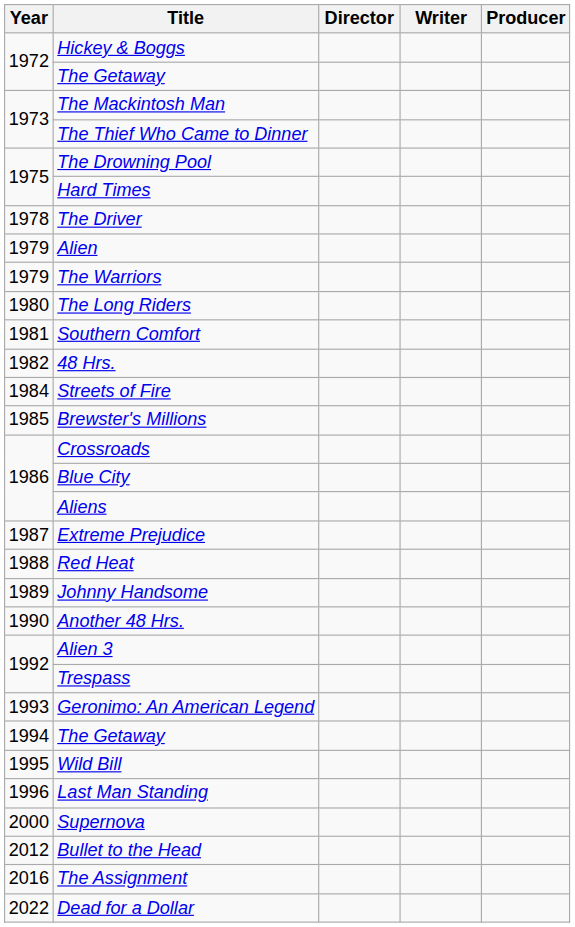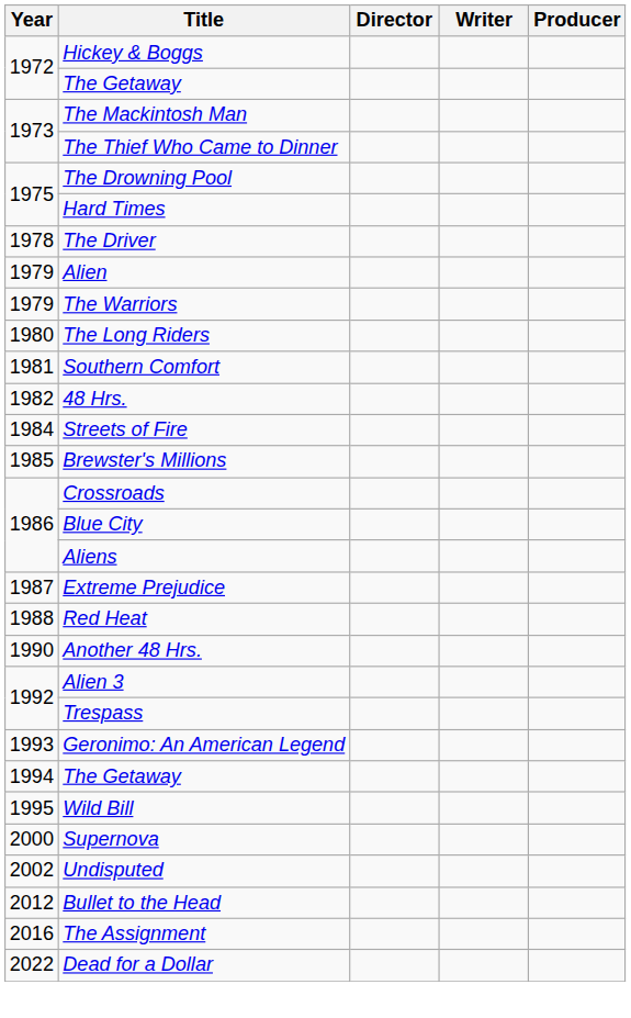 <table class="wikitable">
 <tr>
 <th>Year</th>
 <th>Title</th>
 <th style="width:65px;">Director</th>
 <th style="width:65px;">Writer</th>
 <th style="width:65px;">Producer</th>
 </tr>
 <tr>
 <td rowspan="2">1972</td>
 <td><em><a href='#'>Hickey & Boggs</a></em></td>
 <td></td>
 <td></td>
 <td></td>
 </tr>
 <tr>
 <td><em><a href='#'>The Getaway</a></em></td>
 <td></td>
 <td></td>
 <td></td>
 </tr>
 <tr>
 <td rowspan="2">1973</td>
 <td><em><a href='#'>The Mackintosh Man</a></em></td>
 <td></td>
 <td></td>
 <td></td>
 </tr>
 <tr>
 <td><em><a href='#'>The Thief Who Came to Dinner</a></em></td>
 <td></td>
 <td></td>
 <td></td>
 </tr>
 <tr>
 <td rowspan="2">1975</td>
 <td><em><a href='#'>The Drowning Pool</a></em></td>
 <td></td>
 <td></td>
 <td></td>
 </tr>
 <tr>
 <td><em><a href='#'>Hard Times</a></em></td>
 <td></td>
 <td></td>
 <td></td>
 </tr>
 <tr>
 <td>1978</td>
 <td><em><a href='#'>The Driver</a></em></td>
 <td></td>
 <td></td>
 <td></td>
 </tr>
 <tr>
 <td>1979</td>
 <td><em><a href='#'>Alien</a></em></td>
 <td></td>
 <td></td>
 <td></td>
 </tr>
 <tr>
 <td>1979</td>
 <td><em><a href='#'>The Warriors</a></em></td>
 <td></td>
 <td></td>
 <td></td>
 </tr>
 <tr>
 <td>1980</td>
 <td><em><a href='#'>The Long Riders</a></em></td>
 <td></td>
 <td></td>
 <td></td>
 </tr>
 <tr>
 <td>1981</td>
 <td><em><a href='#'>Southern Comfort</a></em></td>
 <td></td>
 <td></td>
 <td></td>
 </tr>
 <tr>
 <td>1982</td>
 <td><em><a href='#'>48 Hrs.</a></em></td>
 <td></td>
 <td></td>
 <td></td>
 </tr>
 <tr>
 <td>1984</td>
 <td><em><a href='#'>Streets of Fire</a></em></td>
 <td></td>
 <td></td>
 <td></td>
 </tr>
 <tr>
 <td>1985</td>
 <td><em><a href='#'>Brewster's Millions</a></em></td>
 <td></td>
 <td></td>
 <td></td>
 </tr>
 <tr>
 <td rowspan="3">1986</td>
 <td><em><a href='#'>Crossroads</a></em></td>
 <td></td>
 <td></td>
 <td></td>
 </tr>
 <tr>
 <td><em><a href='#'>Blue City</a></em></td>
 <td></td>
 <td></td>
 <td></td>
 </tr>
 <tr>
 <td><em><a href='#'>Aliens</a></em></td>
 <td></td>
 <td></td>
 <td></td>
 </tr>
 <tr>
 <td>1987</td>
 <td><em><a href='#'>Extreme Prejudice</a></em></td>
 <td></td>
 <td></td>
 <td></td>
 </tr>
 <tr>
 <td>1988</td>
 <td><em><a href='#'>Red Heat</a></em></td>
 <td></td>
 <td></td>
 <td></td>
 </tr>
 <tr>
-<td>1989</td>
-<td><em><a href='#'>Johnny Handsome</a></em></td>
-<td></td>
-<td></td>
-<td></td>
-</tr>
-<tr>
 <td>1990</td>
 <td><em><a href='#'>Another 48 Hrs.</a></em></td>
 <td></td>
 <td></td>
 <td></td>
 </tr>
 <tr>
 <td rowspan="2">1992</td>
 <td><em><a href='#'>Alien 3</a></em></td>
 <td></td>
 <td></td>
 <td></td>
 </tr>
 <tr>
 <td><em><a href='#'>Trespass</a></em></td>
 <td></td>
 <td></td>
 <td></td>
 </tr>
 <tr>
 <td>1993</td>
 <td><em><a href='#'>Geronimo: An American Legend</a></em></td>
 <td></td>
 <td></td>
 <td></td>
 </tr>
 <tr>
 <td>1994</td>
 <td><em><a href='#'>The Getaway</a></em></td>
 <td></td>
 <td></td>
 <td></td>
 </tr>
 <tr>
 <td>1995</td>
 <td><em><a href='#'>Wild Bill</a></em></td>
 <td></td>
 <td></td>
 <td></td>
 </tr>
 <tr>
-<td>1996</td>
-<td><em><a href='#'>Last Man Standing</a></em></td>
+<td>2000</td>
+<td><em><a href='#'>Supernova</a></em></td>
 <td></td>
 <td></td>
 <td></td>
 </tr>
 <tr>
-<td>2000</td>
-<td><em><a href='#'>Supernova</a></em></td>
+<td>2002</td>
+<td><em><a href='#'>Undisputed</a></em></td>
 <td></td>
 <td></td>
 <td></td>
 </tr>
 <tr>
 <td>2012</td>
 <td><em><a href='#'>Bullet to the Head</a></em></td>
 <td></td>
 <td></td>
 <td></td>
 </tr>
 <tr>
 <td>2016</td>
 <td><em><a href='#'>The Assignment</a></em></td>
 <td></td>
 <td></td>
 <td></td>
 </tr>
 <tr>
 <td>2022</td>
 <td><em><a href='#'>Dead for a Dollar</a></em></td>
 <td></td>
 <td></td>
 <td></td>
 </tr>
 </table>
